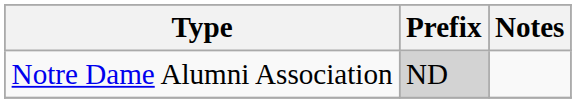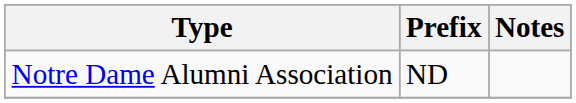 <table class="wikitable collapsible">
 <tr>
 <th>Type</th>
 <th>Prefix</th>
 <th>Notes</th>
 </tr>
 <tr>
 <td><a href='#'>Notre Dame</a> Alumni Association</td>
-<td style="background: lightgrey;">ND</td>
+<td>ND</td>
 <td></td>
 </tr>
 <tr>
 </tr>
 </table>
